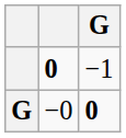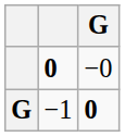 <table class="wikitable">
 <tr>
 <th></th>
 <th></th>
 <th>G</th>
 </tr>
 <tr>
 <th scope="row"></th>
 <td><strong>0</strong></td>
-<td>−1</td>
+<td>−0</td>
 </tr>
 <tr>
 <th scope="row">G</th>
-<td>−0</td>
+<td>−1</td>
 <td><strong>0</strong></td>
 </tr>
 </table>
